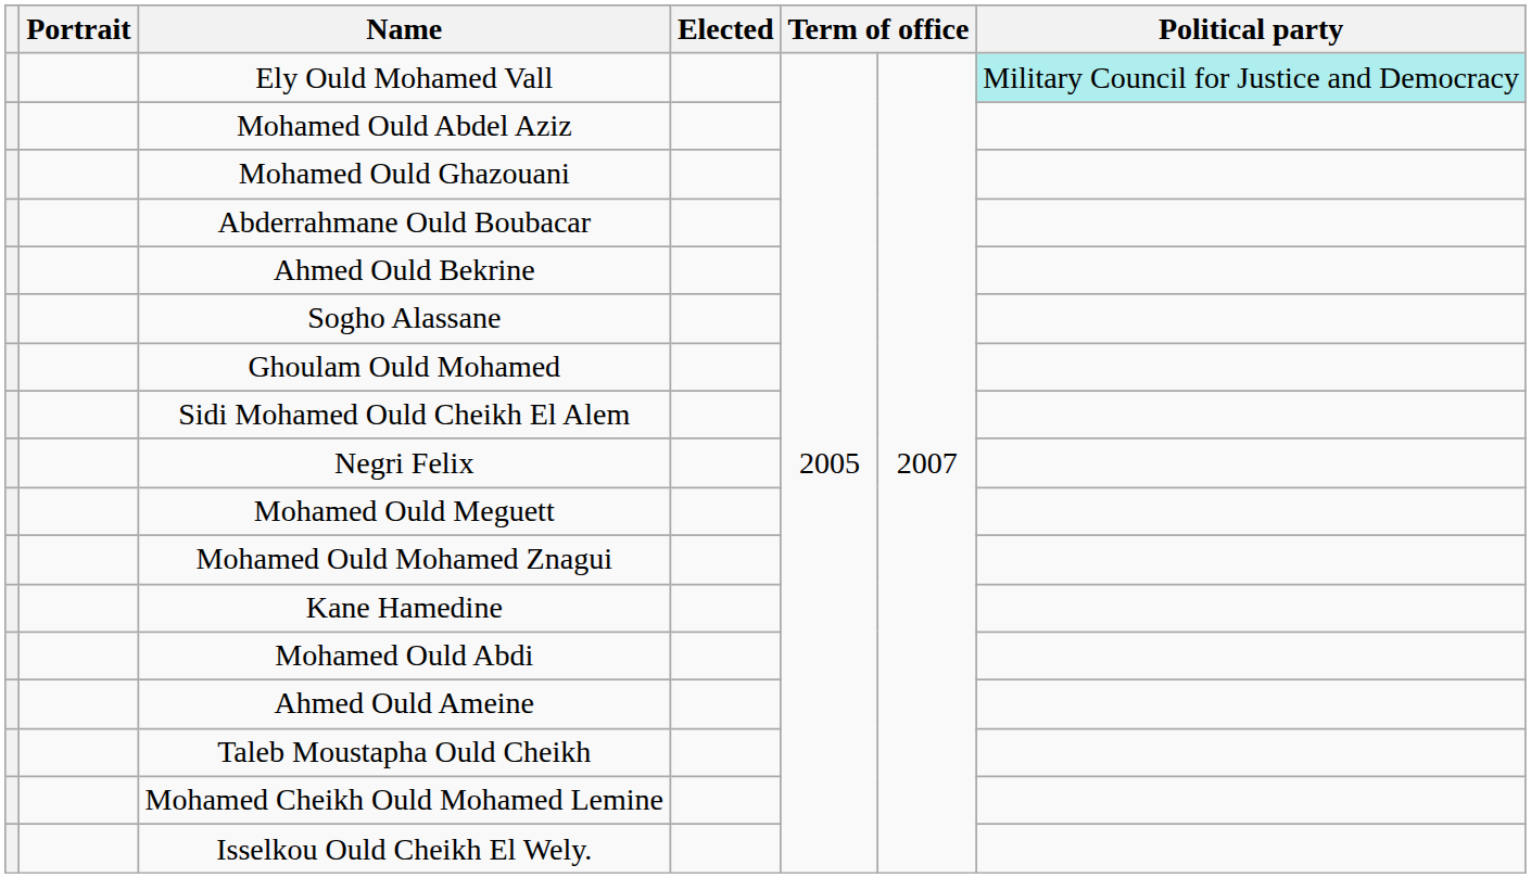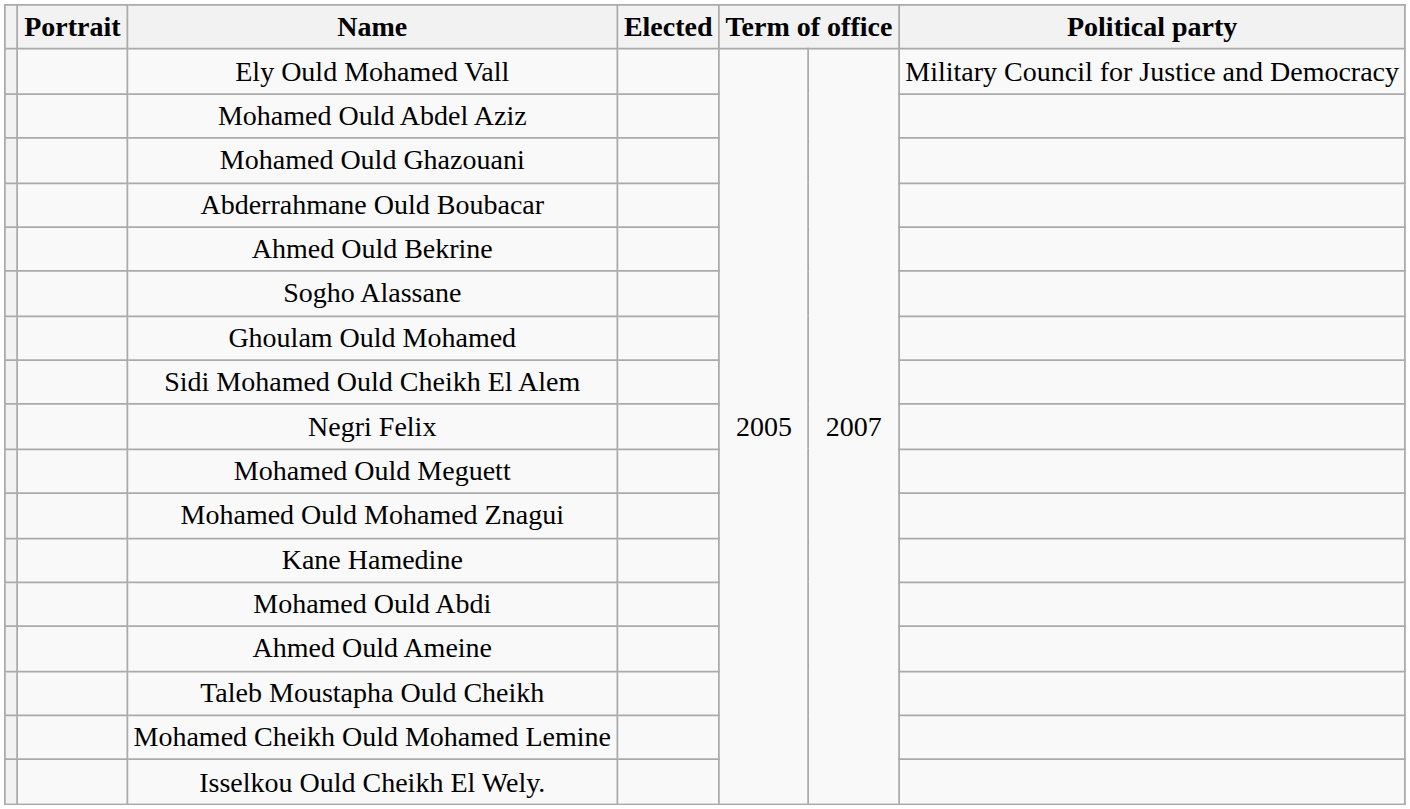 <table class="wikitable" style="text-align:center">
 <tr>
 <th></th>
 <th>Portrait</th>
 <th>Name</th>
 <th><strong>Elected</strong></th>
 <th colspan="2">Term of office</th>
 <th>Political party</th>
 </tr>
 <tr>
 <th></th>
 <td></td>
 <td>Ely Ould Mohamed Vall</td>
 <td></td>
 <td rowspan="17">2005</td>
 <td rowspan="17">2007</td>
-<td style="background: paleturquoise;">Military Council for Justice and Democracy</td>
+<td>Military Council for Justice and Democracy</td>
 </tr>
 <tr>
 <th></th>
 <td></td>
 <td>Mohamed Ould Abdel Aziz</td>
 <td></td>
 <td></td>
 </tr>
 <tr>
 <th></th>
 <td></td>
 <td>Mohamed Ould Ghazouani</td>
 <td></td>
 <td></td>
 </tr>
 <tr>
 <th></th>
 <td></td>
 <td>Abderrahmane Ould Boubacar</td>
 <td></td>
 <td></td>
 </tr>
 <tr>
 <th></th>
 <td></td>
 <td>Ahmed Ould Bekrine</td>
 <td></td>
 <td></td>
 </tr>
 <tr>
 <th></th>
 <td></td>
 <td>Sogho Alassane</td>
 <td></td>
 <td></td>
 </tr>
 <tr>
 <th></th>
 <td></td>
 <td>Ghoulam Ould Mohamed</td>
 <td></td>
 <td></td>
 </tr>
 <tr>
 <th></th>
 <td></td>
 <td>Sidi Mohamed Ould Cheikh El Alem</td>
 <td></td>
 <td></td>
 </tr>
 <tr>
 <th></th>
 <td></td>
 <td>Negri Felix</td>
 <td></td>
 <td></td>
 </tr>
 <tr>
 <th></th>
 <td></td>
 <td>Mohamed Ould Meguett</td>
 <td></td>
 <td></td>
 </tr>
 <tr>
 <th></th>
 <td></td>
 <td>Mohamed Ould Mohamed Znagui</td>
 <td></td>
 <td></td>
 </tr>
 <tr>
 <th></th>
 <td></td>
 <td>Kane Hamedine</td>
 <td></td>
 <td></td>
 </tr>
 <tr>
 <th></th>
 <td></td>
 <td>Mohamed Ould Abdi</td>
 <td></td>
 <td></td>
 </tr>
 <tr>
 <th></th>
 <td></td>
 <td>Ahmed Ould Ameine</td>
 <td></td>
 <td></td>
 </tr>
 <tr>
 <th></th>
 <td></td>
 <td>Taleb Moustapha Ould Cheikh</td>
 <td></td>
 <td></td>
 </tr>
 <tr>
 <th></th>
 <td></td>
 <td>Mohamed Cheikh Ould Mohamed Lemine</td>
 <td></td>
 <td></td>
 </tr>
 <tr>
 <th></th>
 <td></td>
 <td>Isselkou Ould Cheikh El Wely.</td>
 <td></td>
 <td></td>
 </tr>
 <tr>
 </tr>
 </table>
